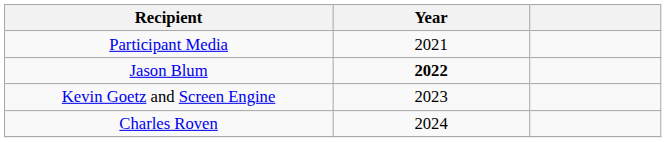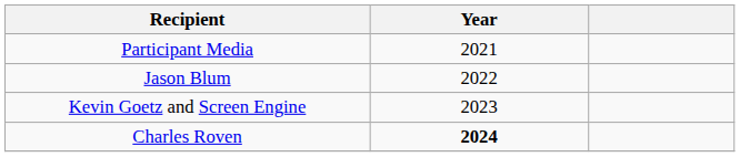 <table class="wikitable" style="width:50%;text-align:center;">
 <tr>
 <th width=50%>Recipient</th>
 <th style="width:30%;">Year</th>
 <th width=20%></th>
 </tr>
 <tr>
 <td><a href='#'>Participant Media</a></td>
 <td>2021</td>
 <td></td>
 </tr>
 <tr>
 <td><a href='#'>Jason Blum</a></td>
-<td><strong>2022</strong></td>
+<td>2022</td>
 <td></td>
 </tr>
 <tr>
 <td><a href='#'>Kevin Goetz</a> and <a href='#'>Screen Engine</a></td>
 <td>2023</td>
 <td></td>
 </tr>
 <tr>
 <td><a href='#'>Charles Roven</a></td>
-<td>2024</td>
+<td><strong>2024</strong></td>
 <td></td>
 </tr>
 <tr>
 </tr>
 </table>
